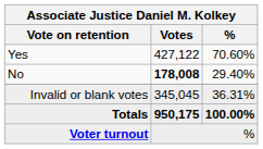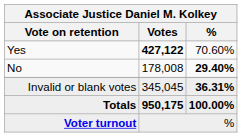 <table class="wikitable" style="font-size: 95%;">
 <tr style="background-color:#E9E9E9">
 <th colspan=7>Associate Justice Daniel M. Kolkey</th>
 </tr>
 <tr style="background-color:#E9E9E9">
 <th style="width: 170px">Vote on retention</th>
 <th style="width: 50px">Votes</th>
 <th style="width: 40px">%</th>
 </tr>
 <tr>
 <td>Yes</td>
-<td align="right">427,122</td>
+<td align="right"><strong>427,122</strong></td>
 <td align="right">70.60%</td>
 </tr>
 <tr>
 <td>No</td>
-<td align="right"><strong>178,008</strong></td>
-<td align="right">29.40%</td>
+<td align="right">178,008</td>
+<td align="right"><strong>29.40%</strong></td>
 </tr>
 <tr style="background-color:#F6F6F6">
 </tr>
 <tr bgcolor="#EEEEEE">
 <td align="right">Invalid or blank votes</td>
 <td align="right">345,045</td>
-<td align="right">36.31%</td>
+<td align="right"><strong>36.31%</strong></td>
 </tr>
 <tr bgcolor="#EEEEEE">
 <td align="right"><strong>Totals</strong></td>
 <td align="right"><strong>950,175</strong></td>
 <td align="right"><strong>100.00%</strong></td>
 </tr>
 <tr bgcolor="#EEEEEE">
 <td align="right"><strong><a href='#'>Voter turnout</a></strong></td>
 <td colspan="2" align="right">%</td>
 </tr>
 </table>
